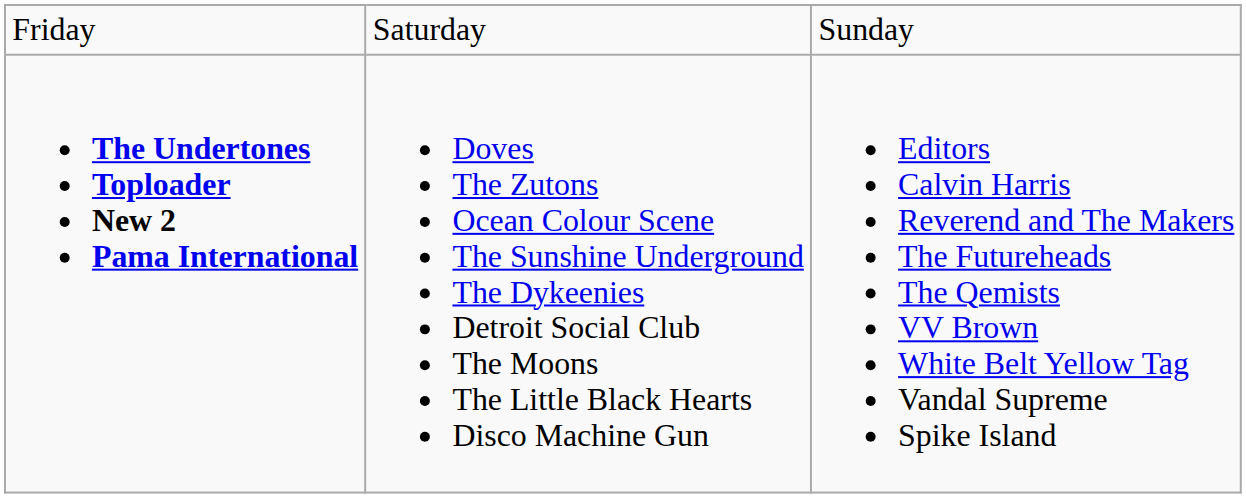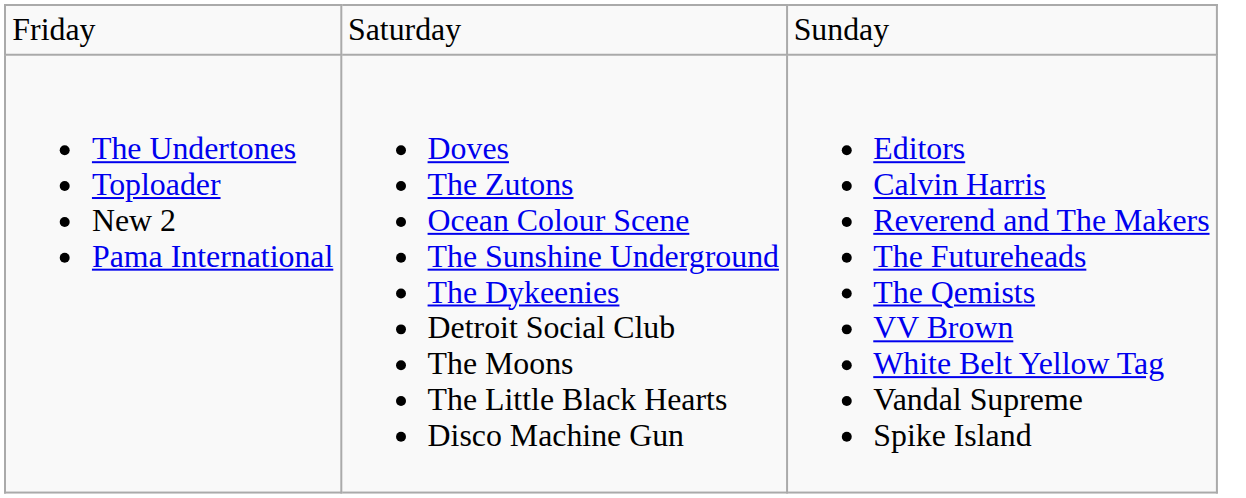 <table class="wikitable">
 <tr>
 <td>Friday</td>
 <td>Saturday</td>
 <td>Sunday</td>
 </tr>
 <tr valign="top">
-<td><strong><br><ul><li><a href='#'>The Undertones</a></li><li><a href='#'>Toploader</a></li><li>New 2</li><li><a href='#'>Pama International</a></li></ul></strong></td>
+<td><br><ul><li><a href='#'>The Undertones</a></li><li><a href='#'>Toploader</a></li><li>New 2</li><li><a href='#'>Pama International</a></li></ul></td>
 <td><br><ul><li><a href='#'>Doves</a></li><li><a href='#'>The Zutons</a></li><li><a href='#'>Ocean Colour Scene</a></li><li><a href='#'>The Sunshine Underground</a></li><li><a href='#'>The Dykeenies</a></li><li>Detroit Social Club</li><li>The Moons</li><li>The Little Black Hearts</li><li>Disco Machine Gun</li></ul></td>
 <td><br><ul><li><a href='#'>Editors</a></li><li><a href='#'>Calvin Harris</a></li><li><a href='#'>Reverend and The Makers</a></li><li><a href='#'>The Futureheads</a></li><li><a href='#'>The Qemists</a></li><li><a href='#'>VV Brown</a></li><li><a href='#'>White Belt Yellow Tag</a></li><li>Vandal Supreme</li><li>Spike Island </li></ul></td>
 </tr>
 </table>
